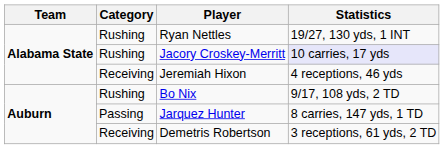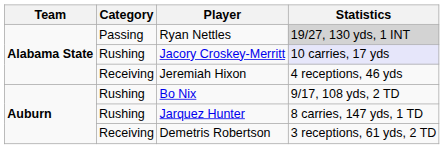 <table class="wikitable" style="float: left;">
 <tr>
 <th>Team</th>
 <th>Category</th>
 <th>Player</th>
 <th>Statistics</th>
 </tr>
 <tr>
 <td rowspan=3><strong>Alabama State</strong></td>
-<td>Rushing</td>
+<td>Passing</td>
 <td>Ryan Nettles</td>
-<td>19/27, 130 yds, 1 INT</td>
+<td style="background: lightgrey;">19/27, 130 yds, 1 INT</td>
 </tr>
 <tr>
 <td>Rushing</td>
 <td><a href='#'>Jacory Croskey-Merritt</a></td>
 <td style="background: lavender;">10 carries, 17 yds</td>
 </tr>
 <tr>
 <td>Receiving</td>
 <td>Jeremiah Hixon</td>
 <td>4 receptions, 46 yds</td>
 </tr>
 <tr>
 <td rowspan=3><strong>Auburn</strong></td>
 <td>Rushing</td>
 <td><a href='#'>Bo Nix</a></td>
 <td>9/17, 108 yds, 2 TD</td>
 </tr>
 <tr>
-<td>Passing</td>
+<td>Rushing</td>
 <td><a href='#'>Jarquez Hunter</a></td>
 <td>8 carries, 147 yds, 1 TD</td>
 </tr>
 <tr>
 <td>Receiving</td>
 <td>Demetris Robertson</td>
 <td>3 receptions, 61 yds, 2 TD</td>
 </tr>
 </table>
